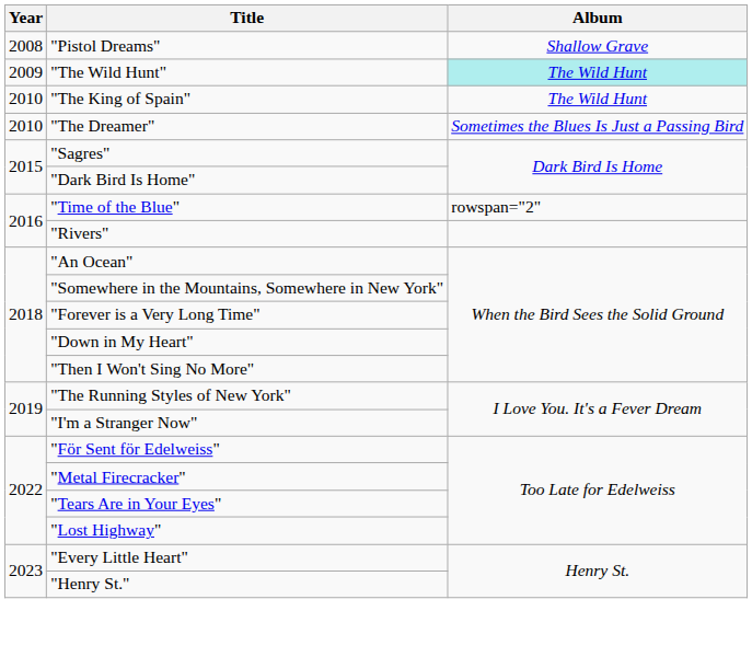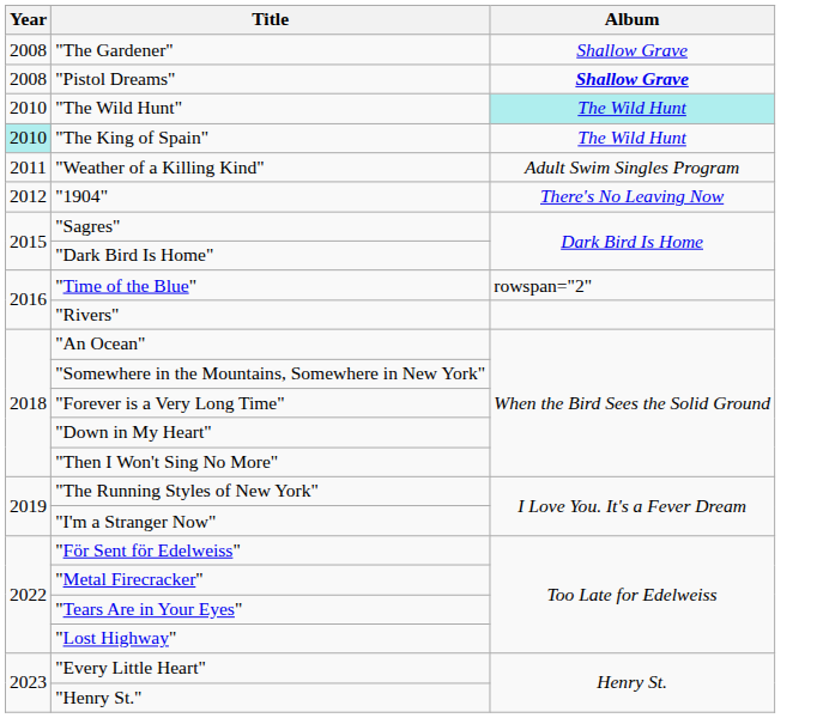 <table class="wikitable">
 <tr>
 <th>Year</th>
 <th>Title</th>
 <th>Album</th>
 </tr>
 <tr>
 <td style="text-align:center;">2008</td>
-<td>"Pistol Dreams"</td>
+<td>"The Gardener"</td>
 <td style="text-align:center;"><em><a href='#'>Shallow Grave</a></em></td>
 </tr>
 <tr>
-<td style="text-align:center;">2009</td>
+<td style="text-align:center;">2008</td>
+<td>"Pistol Dreams"</td>
+<td style="text-align:center;"><strong><em><a href='#'>Shallow Grave</a></em></strong></td>
+</tr>
+<tr>
+<td style="text-align:center;">2010</td>
 <td>"The Wild Hunt"</td>
 <td style="background: paleturquoise; text-align:center;"><em><a href='#'>The Wild Hunt</a></em></td>
 </tr>
 <tr>
-<td style="text-align:center;">2010</td>
+<td style="background: paleturquoise; text-align:center;">2010</td>
 <td>"The King of Spain"</td>
 <td style="text-align:center;"><em><a href='#'>The Wild Hunt</a></em></td>
 </tr>
 <tr>
-<td style="text-align:center;">2010</td>
-<td>"The Dreamer"</td>
-<td style="text-align:center;"><em><a href='#'>Sometimes the Blues Is Just a Passing Bird</a></em></td>
+<td style="text-align:center;">2011</td>
+<td>"Weather of a Killing Kind"</td>
+<td style="text-align:center;"><em>Adult Swim Singles Program</em></td>
+</tr>
+<tr>
+<td style="text-align:center;">2012</td>
+<td>"1904"</td>
+<td style="text-align:center;"><em><a href='#'>There's No Leaving Now</a></em></td>
 </tr>
 <tr>
 <td rowspan="2" style="text-align:center;">2015</td>
 <td>"Sagres"</td>
 <td rowspan="2" style="text-align:center;"><em><a href='#'>Dark Bird Is Home</a></em></td>
 </tr>
 <tr>
 <td>"Dark Bird Is Home"</td>
 </tr>
 <tr>
 <td rowspan="2" style="text-align:center;">2016</td>
 <td>"<a href='#'>Time of the Blue</a>"</td>
 <td>rowspan="2" </td>
 </tr>
 <tr>
 <td>"Rivers"</td>
 </tr>
 <tr>
 <td rowspan="5" style="text-align:center;">2018</td>
 <td>"An Ocean"</td>
 <td rowspan="5" style="text-align:center;"><em>When the Bird Sees the Solid Ground</em></td>
 </tr>
 <tr>
 <td>"Somewhere in the Mountains, Somewhere in New York"</td>
 </tr>
 <tr>
 <td>"Forever is a Very Long Time"</td>
 </tr>
 <tr>
 <td>"Down in My Heart"</td>
 </tr>
 <tr>
 <td>"Then I Won't Sing No More"</td>
 </tr>
 <tr>
 <td rowspan="2">2019</td>
 <td>"The Running Styles of New York"</td>
 <td rowspan="2" style="text-align:center;"><em>I Love You. It's a Fever Dream</em></td>
 </tr>
 <tr>
 <td>"I'm a Stranger Now"</td>
 </tr>
 <tr>
 <td rowspan="4">2022</td>
 <td>"<a href='#'>För Sent för Edelweiss</a>"</td>
 <td rowspan="4" style="text-align:center;"><em>Too Late for Edelweiss</em></td>
 </tr>
 <tr>
 <td>"<a href='#'>Metal Firecracker</a>"</td>
 </tr>
 <tr>
 <td>"<a href='#'>Tears Are in Your Eyes</a>"</td>
 </tr>
 <tr>
 <td>"<a href='#'>Lost Highway</a>"</td>
 </tr>
 <tr>
 <td rowspan="2">2023</td>
 <td>"Every Little Heart"</td>
 <td rowspan="2" style="text-align:center;"><em>Henry St.</em></td>
 </tr>
 <tr>
 <td>"Henry St."</td>
 </tr>
 </table>
